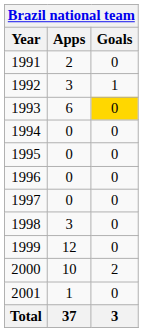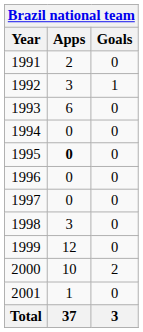 <table class="wikitable" style="text-align:center">
 <tr>
 <th colspan="7"><a href='#'>Brazil national team</a></th>
 </tr>
 <tr>
 <th>Year</th>
 <th>Apps</th>
 <th>Goals</th>
 </tr>
 <tr>
 <td>1991</td>
 <td>2</td>
 <td>0</td>
 </tr>
 <tr>
 <td>1992</td>
 <td>3</td>
 <td>1</td>
 </tr>
 <tr>
 <td>1993</td>
 <td>6</td>
-<td style="background: gold;">0</td>
+<td>0</td>
 </tr>
 <tr>
 <td>1994</td>
 <td>0</td>
 <td>0</td>
 </tr>
 <tr>
 <td>1995</td>
-<td>0</td>
+<td><strong>0</strong></td>
 <td>0</td>
 </tr>
 <tr>
 <td>1996</td>
 <td>0</td>
 <td>0</td>
 </tr>
 <tr>
 <td>1997</td>
 <td>0</td>
 <td>0</td>
 </tr>
 <tr>
 <td>1998</td>
 <td>3</td>
 <td>0</td>
 </tr>
 <tr>
 <td>1999</td>
 <td>12</td>
 <td>0</td>
 </tr>
 <tr>
 <td>2000</td>
 <td>10</td>
 <td>2</td>
 </tr>
 <tr>
 <td>2001</td>
 <td>1</td>
 <td>0</td>
 </tr>
 <tr>
 <th>Total</th>
 <th>37</th>
 <th>3</th>
 </tr>
 </table>
